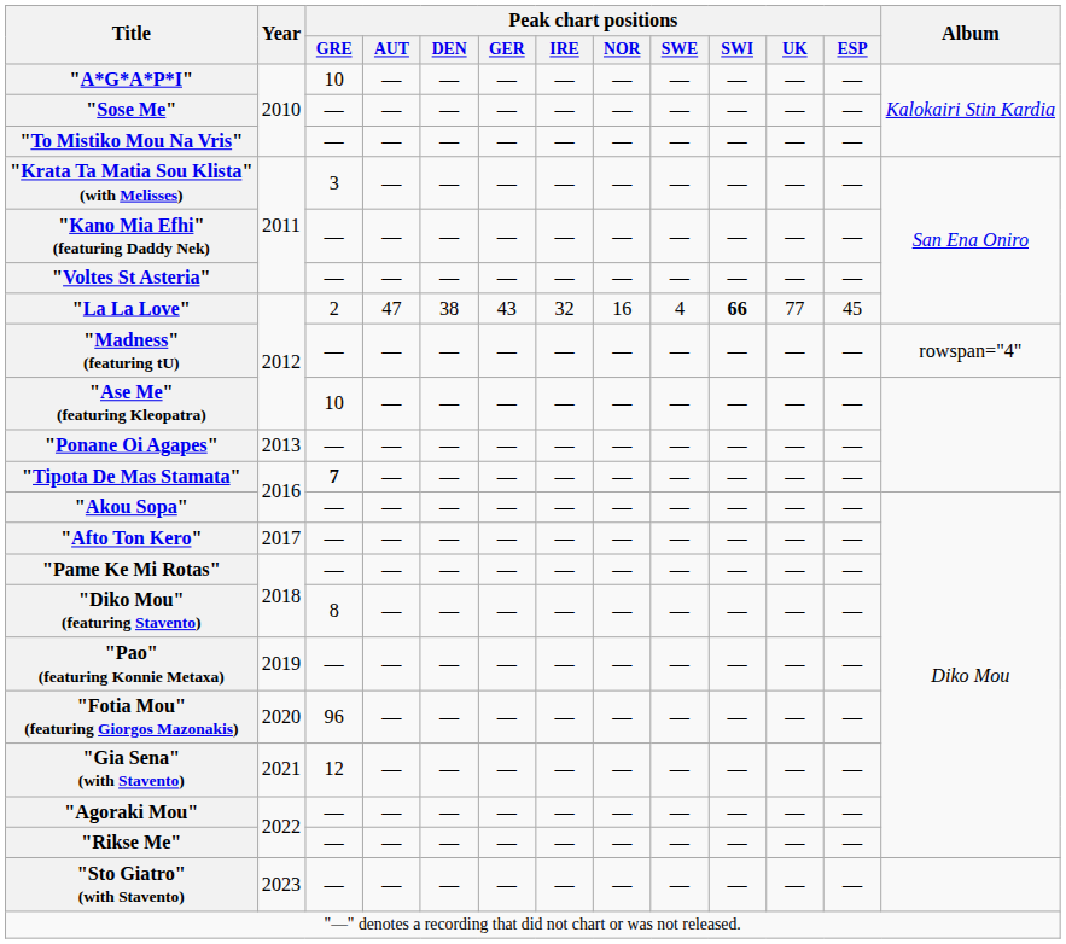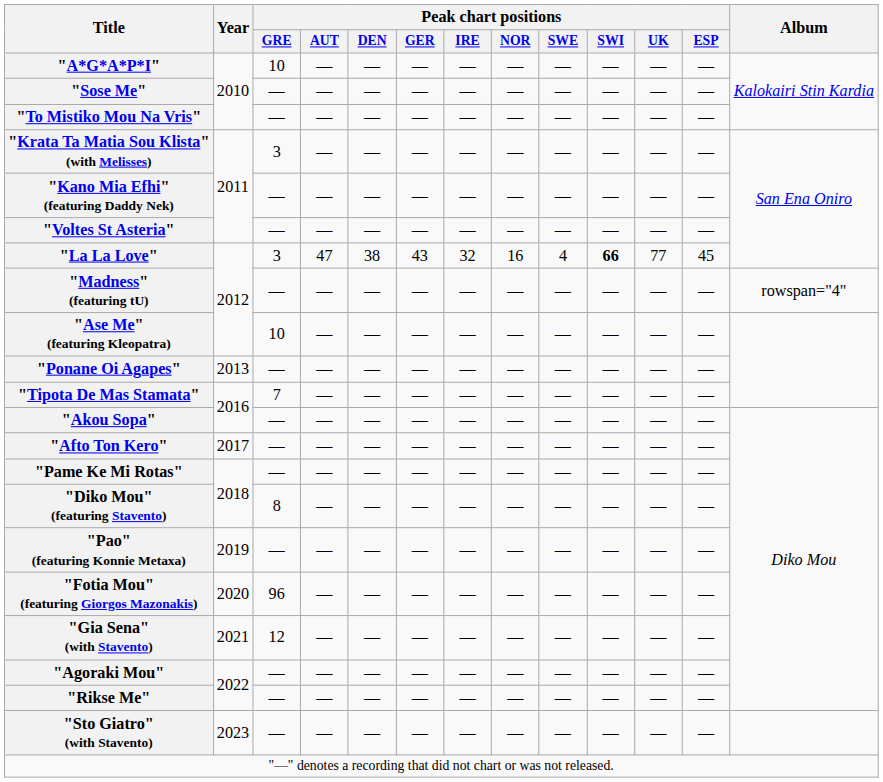 <table class="wikitable plainrowheaders" style="text-align:center;">
 <tr>
 <th scope="col" rowspan="2">Title</th>
 <th scope="col" rowspan="2">Year</th>
 <th scope="col" colspan="10">Peak chart positions</th>
 <th scope="col" rowspan="2">Album</th>
 </tr>
 <tr>
 <th scope="col" style="width:3em;font-size:85%;"><a href='#'>GRE</a><br></th>
 <th scope="col" style="width:3em;font-size:85%;"><a href='#'>AUT</a><br></th>
 <th scope="col" style="width:3em;font-size:85%;"><a href='#'>DEN</a><br></th>
 <th scope="col" style="width:3em;font-size:85%;"><a href='#'>GER</a></th>
 <th scope="col" style="width:3em;font-size:85%;"><a href='#'>IRE</a><br></th>
 <th scope="col" style="width:3em;font-size:85%;"><a href='#'>NOR</a><br></th>
 <th scope="col" style="width:3em;font-size:85%;"><a href='#'>SWE</a><br></th>
 <th scope="col" style="width:3em;font-size:85%;"><a href='#'>SWI</a><br></th>
 <th scope="col" style="width:3em;font-size:85%;"><a href='#'>UK</a><br></th>
 <th scope="col" style="width:3em;font-size:85%;"><a href='#'>ESP</a><br></th>
 </tr>
 <tr>
 <th scope="row">"<a href='#'>A*G*A*P*I</a>"</th>
 <td rowspan="3">2010</td>
 <td>10</td>
 <td>—</td>
 <td>—</td>
 <td>—</td>
 <td>—</td>
 <td>—</td>
 <td>—</td>
 <td>—</td>
 <td>—</td>
 <td>—</td>
 <td rowspan="3"><em><a href='#'>Kalokairi Stin Kardia</a></em></td>
 </tr>
 <tr>
 <th scope="row">"<a href='#'>Sose Me</a>"</th>
 <td>—</td>
 <td>—</td>
 <td>—</td>
 <td>—</td>
 <td>—</td>
 <td>—</td>
 <td>—</td>
 <td>—</td>
 <td>—</td>
 <td>—</td>
 </tr>
 <tr>
 <th scope="row">"<a href='#'>To Mistiko Mou Na Vris</a>"</th>
 <td>—</td>
 <td>—</td>
 <td>—</td>
 <td>—</td>
 <td>—</td>
 <td>—</td>
 <td>—</td>
 <td>—</td>
 <td>—</td>
 <td>—</td>
 </tr>
 <tr>
 <th scope="row">"<a href='#'>Krata Ta Matia Sou Klista</a>"<br><small>(with <a href='#'>Melisses</a>)</small></th>
 <td rowspan="3">2011</td>
 <td>3</td>
 <td>—</td>
 <td>—</td>
 <td>—</td>
 <td>—</td>
 <td>—</td>
 <td>—</td>
 <td>—</td>
 <td>—</td>
 <td>—</td>
 <td rowspan="4"><em><a href='#'>San Ena Oniro</a></em></td>
 </tr>
 <tr>
 <th scope="row">"<a href='#'>Kano Mia Efhi</a>"<br><small>(featuring Daddy Nek)</small></th>
 <td>—</td>
 <td>—</td>
 <td>—</td>
 <td>—</td>
 <td>—</td>
 <td>—</td>
 <td>—</td>
 <td>—</td>
 <td>—</td>
 <td>—</td>
 </tr>
 <tr>
 <th scope="row">"<a href='#'>Voltes St Asteria</a>"</th>
 <td>—</td>
 <td>—</td>
 <td>—</td>
 <td>—</td>
 <td>—</td>
 <td>—</td>
 <td>—</td>
 <td>—</td>
 <td>—</td>
 <td>—</td>
 </tr>
 <tr>
 <th scope="row">"<a href='#'>La La Love</a>"</th>
 <td rowspan="3">2012</td>
-<td>2</td>
+<td>3</td>
 <td>47</td>
 <td>38</td>
 <td>43</td>
 <td>32</td>
 <td>16</td>
 <td>4</td>
 <td><strong>66</strong></td>
 <td>77</td>
 <td>45</td>
 </tr>
 <tr>
 <th scope="row">"<a href='#'>Madness</a>"<br><small>(featuring tU)</small></th>
 <td>—</td>
 <td>—</td>
 <td>—</td>
 <td>—</td>
 <td>—</td>
 <td>—</td>
 <td>—</td>
 <td>—</td>
 <td>—</td>
 <td>—</td>
 <td>rowspan="4" </td>
 </tr>
 <tr>
 <th scope="row">"<a href='#'>Ase Me</a>"<br><small>(featuring Kleopatra)</small></th>
 <td>10</td>
 <td>—</td>
 <td>—</td>
 <td>—</td>
 <td>—</td>
 <td>—</td>
 <td>—</td>
 <td>—</td>
 <td>—</td>
 <td>—</td>
 </tr>
 <tr>
 <th scope="row">"<a href='#'>Ponane Oi Agapes</a>"</th>
 <td>2013</td>
 <td>—</td>
 <td>—</td>
 <td>—</td>
 <td>—</td>
 <td>—</td>
 <td>—</td>
 <td>—</td>
 <td>—</td>
 <td>—</td>
 <td>—</td>
 </tr>
 <tr>
 <th scope="row">"<a href='#'>Tipota De Mas Stamata</a>"</th>
 <td rowspan="2">2016</td>
-<td><strong>7</strong></td>
+<td>7</td>
 <td>—</td>
 <td>—</td>
 <td>—</td>
 <td>—</td>
 <td>—</td>
 <td>—</td>
 <td>—</td>
 <td>—</td>
 <td>—</td>
 </tr>
 <tr>
 <th scope="row">"<a href='#'>Akou Sopa</a>"</th>
 <td>—</td>
 <td>—</td>
 <td>—</td>
 <td>—</td>
 <td>—</td>
 <td>—</td>
 <td>—</td>
 <td>—</td>
 <td>—</td>
 <td>—</td>
 <td rowspan="9"><em>Diko Mou</em></td>
 </tr>
 <tr>
 <th scope="row">"<a href='#'>Afto Ton Kero</a>"</th>
 <td>2017</td>
 <td>—</td>
 <td>—</td>
 <td>—</td>
 <td>—</td>
 <td>—</td>
 <td>—</td>
 <td>—</td>
 <td>—</td>
 <td>—</td>
 <td>—</td>
 </tr>
 <tr>
 <th scope="row">"Pame Ke Mi Rotas"</th>
 <td rowspan="2">2018</td>
 <td>—</td>
 <td>—</td>
 <td>—</td>
 <td>—</td>
 <td>—</td>
 <td>—</td>
 <td>—</td>
 <td>—</td>
 <td>—</td>
 <td>—</td>
 </tr>
 <tr>
 <th scope="row">"Diko Mou"<br><small>(featuring <a href='#'>Stavento</a>)</small></th>
 <td>8</td>
 <td>—</td>
 <td>—</td>
 <td>—</td>
 <td>—</td>
 <td>—</td>
 <td>—</td>
 <td>—</td>
 <td>—</td>
 <td>—</td>
 </tr>
 <tr>
 <th scope="row">"Pao"<br><small>(featuring Konnie Metaxa)</small></th>
 <td>2019</td>
 <td>—</td>
 <td>—</td>
 <td>—</td>
 <td>—</td>
 <td>—</td>
 <td>—</td>
 <td>—</td>
 <td>—</td>
 <td>—</td>
 <td>—</td>
 </tr>
 <tr>
 <th scope="row">"Fotia Mou"<br><small>(featuring <a href='#'>Giorgos Mazonakis</a>)</small></th>
 <td>2020</td>
 <td>96</td>
 <td>—</td>
 <td>—</td>
 <td>—</td>
 <td>—</td>
 <td>—</td>
 <td>—</td>
 <td>—</td>
 <td>—</td>
 <td>—</td>
 </tr>
 <tr>
 <th scope="row">"Gia Sena"<br><small>(with <a href='#'>Stavento</a>)</small></th>
 <td>2021</td>
 <td>12</td>
 <td>—</td>
 <td>—</td>
 <td>—</td>
 <td>—</td>
 <td>—</td>
 <td>—</td>
 <td>—</td>
 <td>—</td>
 <td>—</td>
 </tr>
 <tr>
 <th scope="row">"Agoraki Mou"</th>
 <td rowspan="2">2022</td>
 <td>—</td>
 <td>—</td>
 <td>—</td>
 <td>—</td>
 <td>—</td>
 <td>—</td>
 <td>—</td>
 <td>—</td>
 <td>—</td>
 <td>—</td>
 </tr>
 <tr>
 <th scope="row">"Rikse Me"</th>
 <td>—</td>
 <td>—</td>
 <td>—</td>
 <td>—</td>
 <td>—</td>
 <td>—</td>
 <td>—</td>
 <td>—</td>
 <td>—</td>
 <td>—</td>
 </tr>
 <tr>
 <th scope="row">"Sto Giatro"<br><small>(with Stavento)</small></th>
 <td>2023</td>
 <td>—</td>
 <td>—</td>
 <td>—</td>
 <td>—</td>
 <td>—</td>
 <td>—</td>
 <td>—</td>
 <td>—</td>
 <td>—</td>
 <td>—</td>
 </tr>
 <tr>
 <td style="font-size:85%" colspan=13>"—" denotes a recording that did not chart or was not released.</td>
 </tr>
 </table>
